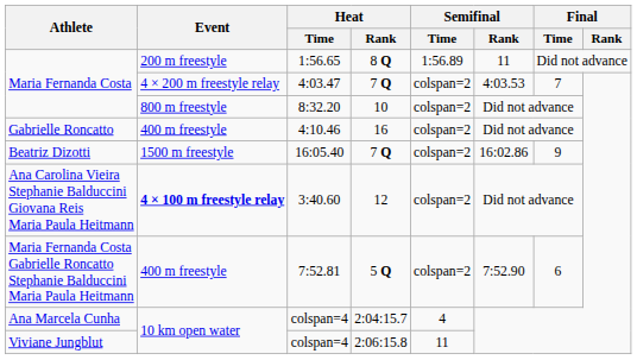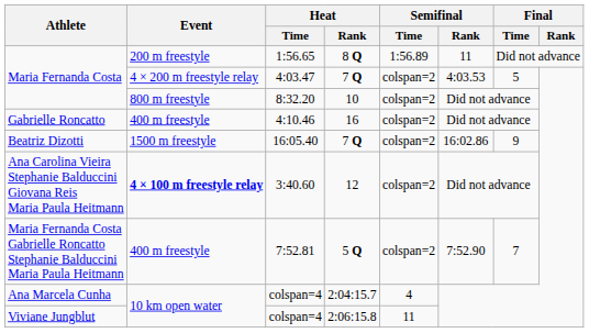 <table class=wikitable style="font-size:90%;">
 <tr>
 <th rowspan=2>Athlete</th>
 <th rowspan=2>Event</th>
 <th colspan=2>Heat</th>
 <th colspan=2>Semifinal</th>
 <th colspan=2>Final</th>
 </tr>
 <tr style=font-size:95%>
 <th>Time</th>
 <th>Rank</th>
 <th>Time</th>
 <th>Rank</th>
 <th>Time</th>
 <th>Rank</th>
 </tr>
 <tr align=center>
 <td align=left rowspan=3><a href='#'>Maria Fernanda Costa</a></td>
 <td align=left><a href='#'>200 m freestyle</a></td>
 <td>1:56.65</td>
 <td>8 <strong>Q</strong></td>
 <td>1:56.89</td>
 <td>11</td>
 <td colspan="2">Did not advance</td>
 </tr>
 <tr align=center>
 <td align=left><a href='#'>4 × 200 m freestyle relay</a></td>
 <td>4:03.47</td>
 <td>7 <strong>Q</strong></td>
 <td>colspan=2 </td>
 <td>4:03.53</td>
-<td>7</td>
+<td>5</td>
 </tr>
 <tr align=center>
 <td align=left><a href='#'>800 m freestyle</a></td>
 <td>8:32.20</td>
 <td>10</td>
 <td>colspan=2 </td>
 <td colspan="2">Did not advance</td>
 </tr>
 <tr align=center>
 <td align=left><a href='#'>Gabrielle Roncatto</a></td>
 <td align=left><a href='#'>400 m freestyle</a></td>
 <td>4:10.46</td>
 <td>16</td>
 <td>colspan=2 </td>
 <td colspan="2">Did not advance</td>
 </tr>
 <tr align=center>
 <td align=left><a href='#'>Beatriz Dizotti</a></td>
 <td align=left><a href='#'>1500 m freestyle</a></td>
 <td>16:05.40</td>
 <td>7 <strong>Q</strong></td>
 <td>colspan=2 </td>
 <td>16:02.86</td>
 <td>9</td>
 </tr>
 <tr align=center>
 <td align=left><a href='#'>Ana Carolina Vieira</a><br><a href='#'>Stephanie Balduccini</a><br><a href='#'>Giovana Reis</a><br><a href='#'>Maria Paula Heitmann</a></td>
 <td align=left><strong><a href='#'>4 × 100 m freestyle relay</a></strong></td>
 <td>3:40.60</td>
 <td>12</td>
 <td>colspan=2 </td>
 <td colspan="2">Did not advance</td>
 </tr>
 <tr align=center>
 <td align=left><a href='#'>Maria Fernanda Costa</a><br><a href='#'>Gabrielle Roncatto</a><br><a href='#'>Stephanie Balduccini</a><br><a href='#'>Maria Paula Heitmann</a></td>
 <td align=left><a href='#'>400 m freestyle</a></td>
 <td>7:52.81</td>
 <td>5 <strong>Q</strong></td>
 <td>colspan=2 </td>
 <td>7:52.90</td>
-<td>6</td>
+<td>7</td>
 </tr>
 <tr align=center>
 <td align=left><a href='#'>Ana Marcela Cunha</a></td>
 <td align=left rowspan=2><a href='#'>10 km open water</a></td>
 <td>colspan=4 </td>
 <td>2:04:15.7</td>
 <td>4</td>
 </tr>
 <tr align=center>
 <td align=left><a href='#'>Viviane Jungblut</a></td>
 <td>colspan=4 </td>
 <td>2:06:15.8</td>
 <td>11</td>
 </tr>
 </table>
